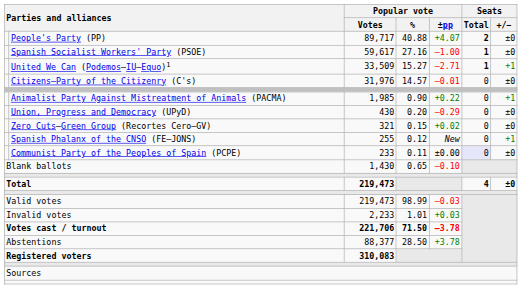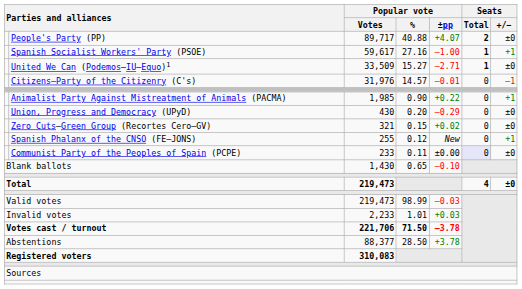 <table class="wikitable" style="text-align:right;">
 <tr>
 <th style="text-align:left;" rowspan="2" colspan="2" width="525">Parties and alliances</th>
 <th colspan="3">Popular vote</th>
 <th colspan="2">Seats</th>
 </tr>
 <tr>
 <th width="75">Votes</th>
 <th width="45">%</th>
 <th width="45">±<a href='#'>pp</a></th>
 <th width="35">Total</th>
 <th width="35">+/−</th>
 </tr>
 <tr>
 <td width="1" style="color:inherit;background:"></td>
 <td align="left"><a href='#'>People's Party</a> (PP)</td>
 <td>89,717</td>
 <td>40.88</td>
 <td style="color:green;">+4.07</td>
 <td><strong>2</strong></td>
 <td>±0</td>
 </tr>
 <tr>
 <td style="color:inherit;background:"></td>
 <td align="left"><a href='#'>Spanish Socialist Workers' Party</a> (PSOE)</td>
 <td>59,617</td>
 <td>27.16</td>
 <td style="color:red;">–1.00</td>
 <td><strong>1</strong></td>
-<td>±0</td>
+<td style="color:green;">+1</td>
 </tr>
 <tr>
 <td style="color:inherit;background:"></td>
 <td align="left"><a href='#'>United We Can</a> (<a href='#'>Podemos</a>–<a href='#'>IU</a>–<a href='#'>Equo</a>)<sup>1</sup></td>
 <td>33,509</td>
 <td>15.27</td>
 <td style="color:red;">–2.71</td>
 <td><strong>1</strong></td>
-<td style="color:green;">+1</td>
+<td>±0</td>
 </tr>
 <tr>
 <td style="color:inherit;background:"></td>
 <td align="left"><a href='#'>Citizens–Party of the Citizenry</a> (C's)</td>
 <td>31,976</td>
 <td>14.57</td>
 <td style="color:red;">–0.01</td>
 <td>0</td>
-<td>±0</td>
+<td style="color:red;">–1</td>
 </tr>
 <tr>
 <td colspan="7" bgcolor="#C0C0C0"></td>
 </tr>
 <tr>
 <td style="color:inherit;background:"></td>
 <td align="left"><a href='#'>Animalist Party Against Mistreatment of Animals</a> (PACMA)</td>
 <td>1,985</td>
 <td>0.90</td>
 <td style="color:green;">+0.22</td>
 <td>0</td>
 <td style="color:green;">+1</td>
 </tr>
 <tr>
 <td style="color:inherit;background:"></td>
 <td align="left"><a href='#'>Union, Progress and Democracy</a> (UPyD)</td>
 <td>430</td>
 <td>0.20</td>
 <td style="color:red;">–0.29</td>
 <td>0</td>
 <td>±0</td>
 </tr>
 <tr>
 <td style="color:inherit;background:"></td>
 <td align="left"><a href='#'>Zero Cuts</a>–<a href='#'>Green Group</a> (Recortes Cero–GV)</td>
 <td>321</td>
 <td>0.15</td>
 <td style="color:green;">+0.02</td>
 <td>0</td>
 <td>±0</td>
 </tr>
 <tr>
 <td style="color:inherit;background:"></td>
 <td align="left"><a href='#'>Spanish Phalanx of the CNSO</a> (FE–JONS)</td>
 <td>255</td>
 <td>0.12</td>
 <td><em>New</em></td>
 <td>0</td>
 <td style="color:green;">+1</td>
 </tr>
 <tr>
 <td style="color:inherit;background:"></td>
 <td align="left"><a href='#'>Communist Party of the Peoples of Spain</a> (PCPE)</td>
 <td>233</td>
 <td>0.11</td>
 <td>±0.00</td>
 <td style="background: lavender;">0</td>
 <td>±0</td>
 </tr>
 <tr>
 <td align="left" colspan="2">Blank ballots</td>
 <td>1,430</td>
 <td>0.65</td>
 <td style="color:red;">–0.10</td>
 <td bgcolor="#E9E9E9" colspan="2"></td>
 </tr>
 <tr>
 <td colspan="7" bgcolor="#E9E9E9"></td>
 </tr>
 <tr style="font-weight:bold;">
 <td align="left" colspan="2">Total</td>
 <td>219,473</td>
 <td bgcolor="#E9E9E9" colspan="2"></td>
 <td>4</td>
 <td>±0</td>
 </tr>
 <tr>
 <td colspan="7" bgcolor="#E9E9E9"></td>
 </tr>
 <tr>
 <td align="left" colspan="2">Valid votes</td>
 <td>219,473</td>
 <td>98.99</td>
 <td style="color:red;">–0.03</td>
 <td bgcolor="#E9E9E9" colspan="2" rowspan="5"></td>
 </tr>
 <tr>
 <td align="left" colspan="2">Invalid votes</td>
 <td>2,233</td>
 <td>1.01</td>
 <td style="color:green;">+0.03</td>
 </tr>
 <tr style="font-weight:bold;">
 <td align="left" colspan="2">Votes cast / turnout</td>
 <td>221,706</td>
 <td>71.50</td>
 <td style="color:red;">–3.78</td>
 </tr>
 <tr>
 <td align="left" colspan="2">Abstentions</td>
 <td>88,377</td>
 <td>28.50</td>
 <td style="color:green;">+3.78</td>
 </tr>
 <tr style="font-weight:bold;">
 <td align="left" colspan="2">Registered voters</td>
 <td>310,083</td>
 <td bgcolor="#E9E9E9" colspan="2"></td>
 </tr>
 <tr>
 <td colspan="7" bgcolor="#E9E9E9"></td>
 </tr>
 <tr>
 <td align="left" colspan="7">Sources</td>
 </tr>
 <tr>
 <td colspan="7" style="text-align:left; max-width:790px;"></td>
 </tr>
 </table>
